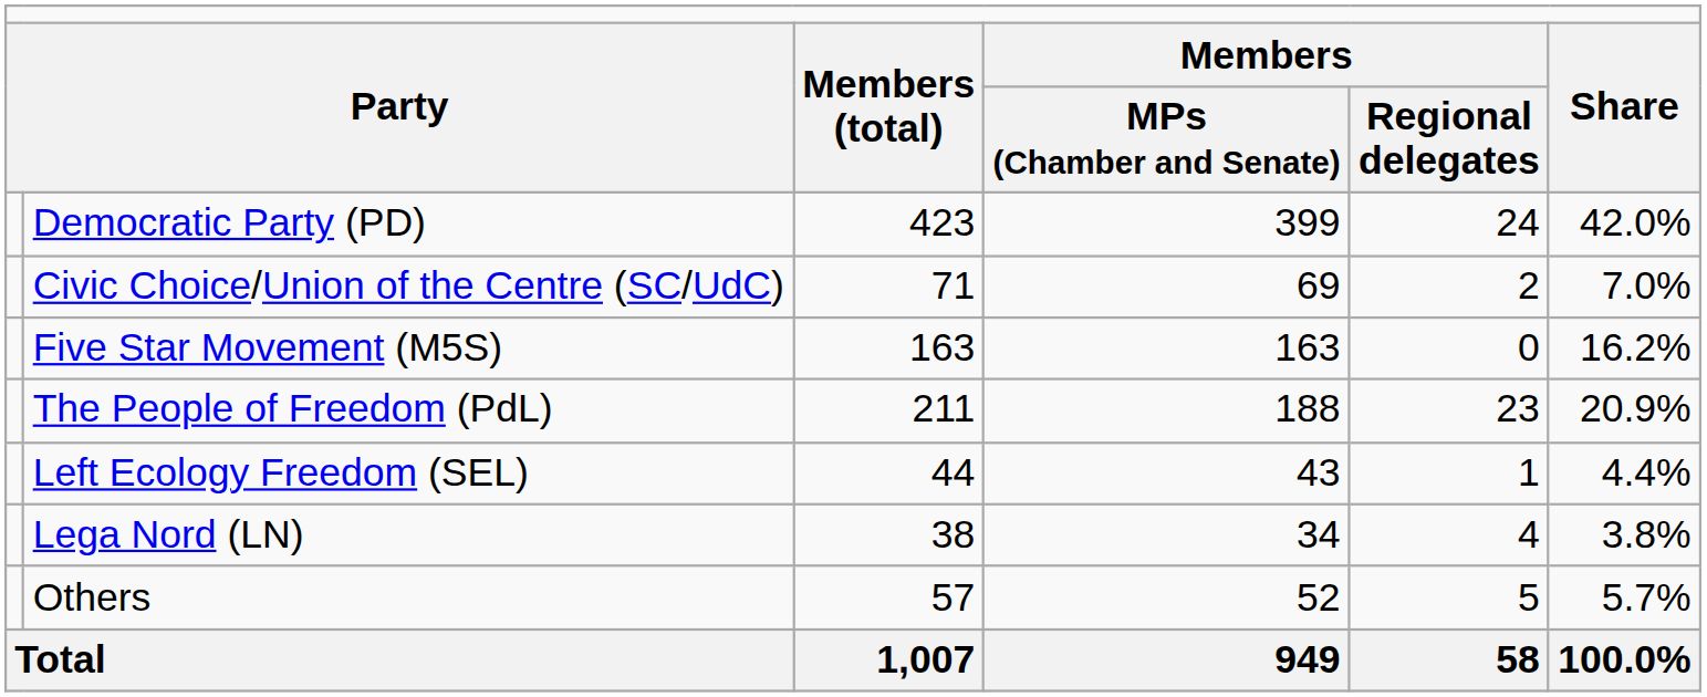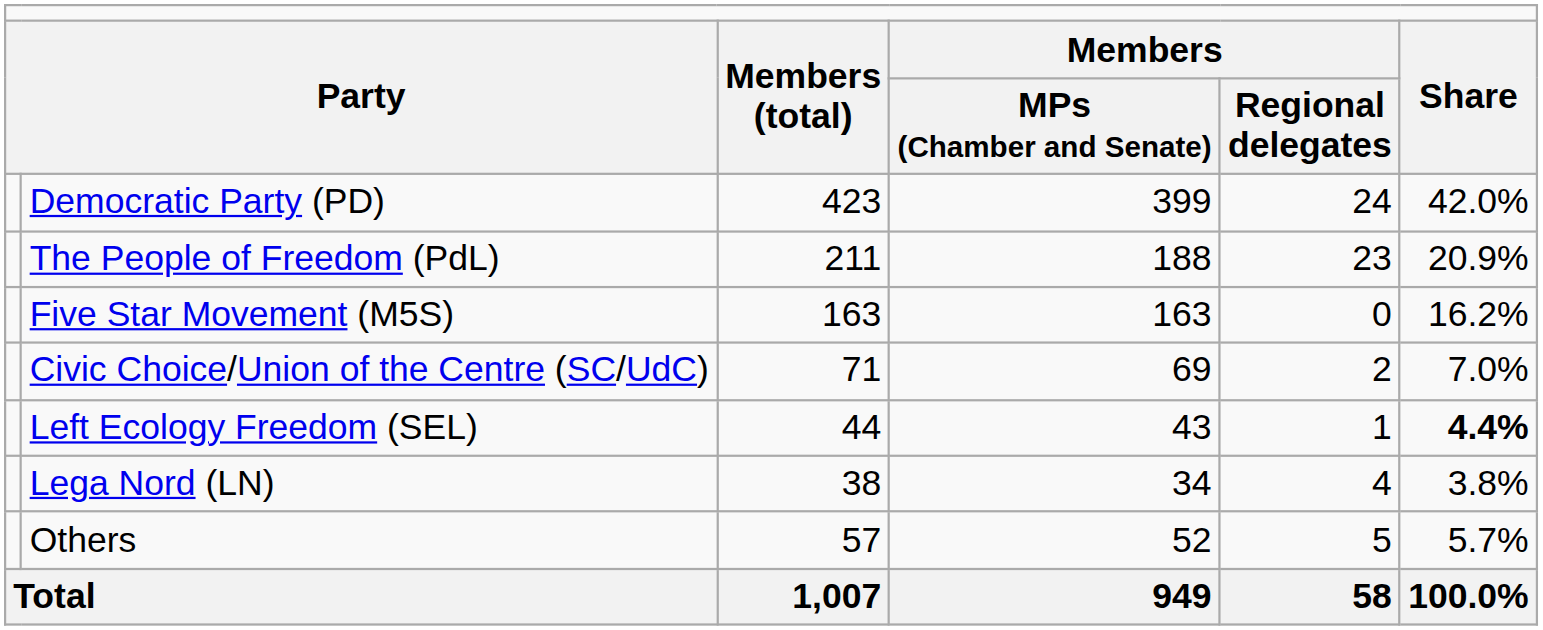 <table class="wikitable">
 <tr>
 <td colspan="6"></td>
 </tr>
 <tr>
 <th rowspan="2" colspan="2">Party</th>
 <th rowspan="2">Members<br>(total)</th>
 <th colspan="2">Members</th>
 <th rowspan="2">Share</th>
 </tr>
 <tr>
 <th>MPs <small><br>(Chamber and Senate)</small><br></th>
 <th>Regional <br>delegates</th>
 </tr>
 <tr>
 <td></td>
 <td><a href='#'>Democratic Party</a> (PD)</td>
 <td style="text-align:right">423</td>
 <td style="text-align:right">399</td>
 <td style="text-align:right">24</td>
 <td style="text-align:right">42.0%</td>
 </tr>
 <tr>
 <td></td>
-<td><a href='#'>Civic Choice</a>/<a href='#'>Union of the Centre</a> (<a href='#'>SC</a>/<a href='#'>UdC</a>)</td>
-<td style="text-align:right">71</td>
-<td style="text-align:right">69</td>
-<td style="text-align:right">2</td>
-<td style="text-align:right">7.0%</td>
+<td><a href='#'>The People of Freedom</a> (PdL)</td>
+<td style="text-align:right">211</td>
+<td style="text-align:right">188</td>
+<td style="text-align:right">23</td>
+<td style="text-align:right">20.9%</td>
 </tr>
 <tr>
 <td></td>
 <td><a href='#'>Five Star Movement</a> (M5S)</td>
 <td style="text-align:right">163</td>
 <td style="text-align:right">163</td>
 <td style="text-align:right">0</td>
 <td style="text-align:right">16.2%</td>
 </tr>
 <tr>
 <td></td>
-<td><a href='#'>The People of Freedom</a> (PdL)</td>
-<td style="text-align:right">211</td>
-<td style="text-align:right">188</td>
-<td style="text-align:right">23</td>
-<td style="text-align:right">20.9%</td>
+<td><a href='#'>Civic Choice</a>/<a href='#'>Union of the Centre</a> (<a href='#'>SC</a>/<a href='#'>UdC</a>)</td>
+<td style="text-align:right">71</td>
+<td style="text-align:right">69</td>
+<td style="text-align:right">2</td>
+<td style="text-align:right">7.0%</td>
 </tr>
 <tr>
 <td></td>
 <td><a href='#'>Left Ecology Freedom</a> (SEL)</td>
 <td style="text-align:right">44</td>
 <td style="text-align:right">43</td>
 <td style="text-align:right">1</td>
-<td style="text-align:right">4.4%</td>
+<td style="text-align:right"><strong>4.4%</strong></td>
 </tr>
 <tr>
 <td></td>
 <td><a href='#'>Lega Nord</a> (LN)</td>
 <td style="text-align:right">38</td>
 <td style="text-align:right">34</td>
 <td style="text-align:right">4</td>
 <td style="text-align:right">3.8%</td>
 </tr>
 <tr>
 <td></td>
 <td>Others</td>
 <td style="text-align:right">57</td>
 <td style="text-align:right">52</td>
 <td style="text-align:right">5</td>
 <td style="text-align:right">5.7%</td>
 </tr>
 <tr>
 <th colspan=2 style="text-align:left">Total</th>
 <th style="text-align:right">1,007</th>
 <th style="text-align:right">949</th>
 <th style="text-align:right">58</th>
 <th style="text-align:right">100.0%</th>
 </tr>
 </table>
